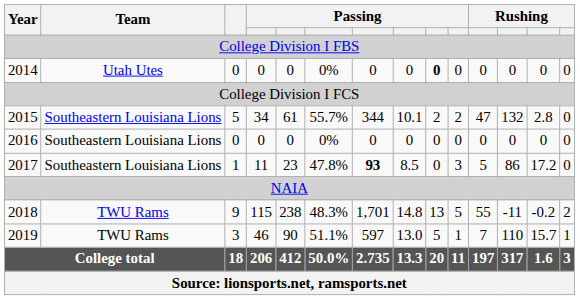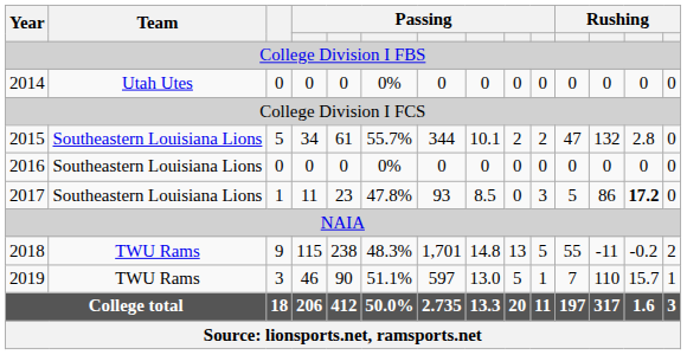 <table class="wikitable" style="text-align: center;">
 <tr>
 <th rowspan="2">Year</th>
 <th rowspan="2">Team</th>
 <th rowspan="2"></th>
 <th colspan="7">Passing</th>
 <th colspan="4">Rushing</th>
 </tr>
 <tr>
 <th></th>
 <th></th>
 <th></th>
 <th></th>
 <th></th>
 <th></th>
 <th></th>
 <th></th>
 <th></th>
 <th></th>
 <th></th>
 </tr>
 <tr>
 <td colspan="15" style="background-color:#D1D1D1"><a href='#'>College Division I FBS</a> </td>
 </tr>
 <tr>
 <td>2014</td>
 <td><a href='#'>Utah Utes</a></td>
 <td>0</td>
 <td>0</td>
 <td>0</td>
 <td>0%</td>
 <td>0</td>
 <td>0</td>
-<td><strong>0</strong></td>
+<td>0</td>
 <td>0</td>
 <td>0</td>
 <td>0</td>
 <td>0</td>
 <td>0</td>
 </tr>
 <tr>
 <td colspan="15" style="background-color:#D1D1D1">College Division I FCS </td>
 </tr>
 <tr>
 <td>2015</td>
 <td><a href='#'>Southeastern Louisiana Lions</a></td>
 <td>5</td>
 <td>34</td>
 <td>61</td>
 <td>55.7%</td>
 <td>344</td>
 <td>10.1</td>
 <td>2</td>
 <td>2</td>
 <td>47</td>
 <td>132</td>
 <td>2.8</td>
 <td>0</td>
 </tr>
 <tr>
 <td>2016</td>
 <td>Southeastern Louisiana Lions</td>
 <td>0</td>
 <td>0</td>
 <td>0</td>
 <td>0%</td>
 <td>0</td>
 <td>0</td>
 <td>0</td>
 <td>0</td>
 <td>0</td>
 <td>0</td>
 <td>0</td>
 <td>0</td>
 </tr>
 <tr>
 <td>2017</td>
 <td>Southeastern Louisiana Lions</td>
 <td>1</td>
 <td>11</td>
 <td>23</td>
 <td>47.8%</td>
-<td><strong>93</strong></td>
+<td>93</td>
 <td>8.5</td>
 <td>0</td>
 <td>3</td>
 <td>5</td>
 <td>86</td>
-<td>17.2</td>
+<td><strong>17.2</strong></td>
 <td>0</td>
 </tr>
 <tr>
 <td colspan="15" style="background-color:#D1D1D1"><a href='#'>NAIA</a> </td>
 </tr>
 <tr>
 <td>2018</td>
 <td><a href='#'>TWU Rams</a></td>
 <td>9</td>
 <td>115</td>
 <td>238</td>
 <td>48.3%</td>
 <td>1,701</td>
 <td>14.8</td>
 <td>13</td>
 <td>5</td>
 <td>55</td>
 <td>-11</td>
 <td>-0.2</td>
 <td>2</td>
 </tr>
 <tr>
 <td>2019</td>
 <td>TWU Rams</td>
 <td>3</td>
 <td>46</td>
 <td>90</td>
 <td>51.1%</td>
 <td>597</td>
 <td>13.0</td>
 <td>5</td>
 <td>1</td>
 <td>7</td>
 <td>110</td>
 <td>15.7</td>
 <td>1</td>
 </tr>
 <tr style="background:#555555; font-weight:bold; color:white;">
 <td colspan="2">College total</td>
 <td>18</td>
 <td>206</td>
 <td>412</td>
 <td>50.0%</td>
 <td>2.735</td>
 <td>13.3</td>
 <td>20</td>
 <td>11</td>
 <td>197</td>
 <td>317</td>
 <td>1.6</td>
 <td>3</td>
 </tr>
 <tr>
 <th colspan="15">Source: lionsports.net, ramsports.net</th>
 </tr>
 </table>
